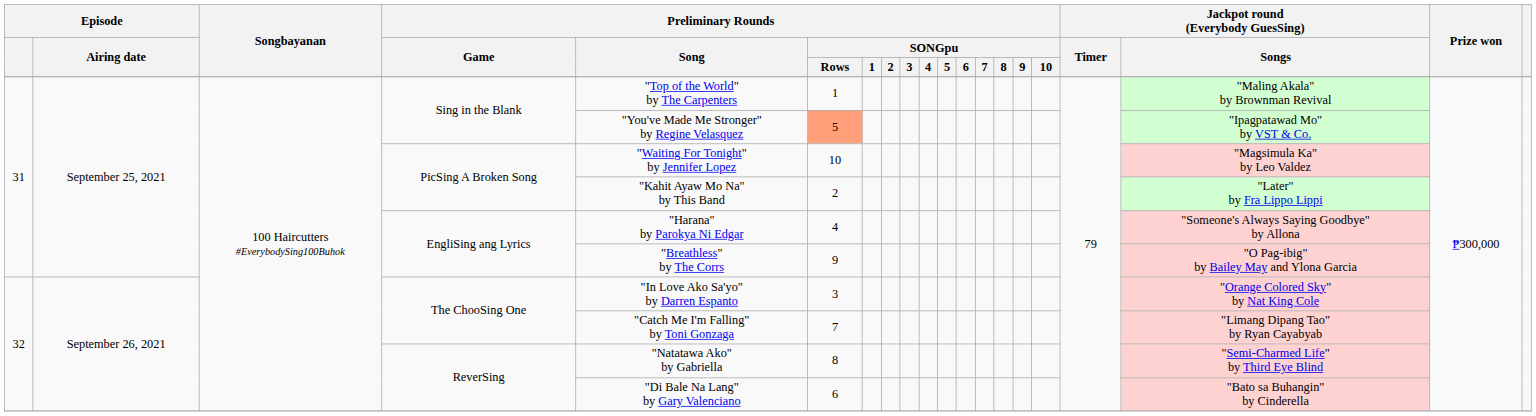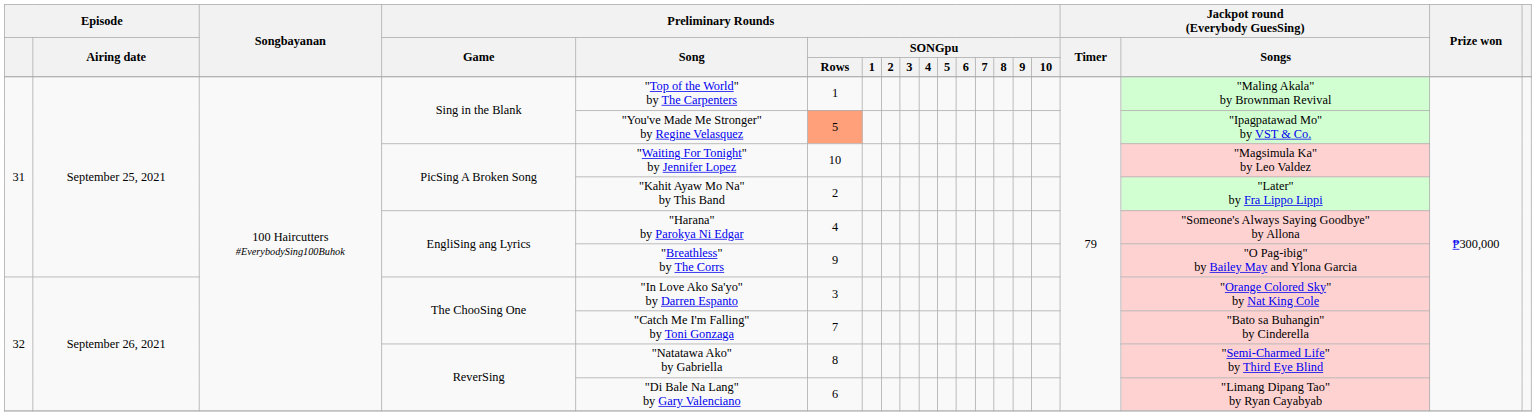 <table class="wikitable mw-collapsible mw-collapsed" style="text-align:center; width:100%">
 <tr>
 <th colspan=2>Episode</th>
 <th rowspan=3>Songbayanan</th>
 <th colspan=13>Preliminary Rounds</th>
 <th colspan=2>Jackpot round<br><strong>(Everybody GuesSing)</strong></th>
 <th rowspan=3>Prize won</th>
 <th rowspan=3></th>
 </tr>
 <tr>
 <th rowspan=2></th>
 <th rowspan=2>Airing date</th>
 <th rowspan=2>Game</th>
 <th rowspan=2>Song</th>
 <th colspan=11>SONGpu</th>
 <th rowspan=2>Timer</th>
 <th rowspan=2>Songs</th>
 </tr>
 <tr>
 <th>Rows</th>
 <th>1</th>
 <th>2</th>
 <th>3</th>
 <th>4</th>
 <th>5</th>
 <th>6</th>
 <th>7</th>
 <th>8</th>
 <th>9</th>
 <th>10</th>
 </tr>
 <tr>
 </tr>
 <tr>
 </tr>
 <tr>
 <td rowspan=6>31</td>
 <td rowspan=6>September 25, 2021</td>
 <td rowspan=10>100 Haircutters<br><small><em>#EverybodySing100Buhok</em></small></td>
 <td rowspan=2>Sing in the Blank</td>
 <td>"<a href='#'>Top of the World</a>"<br>by <a href='#'>The Carpenters</a></td>
 <td>1</td>
 <td></td>
 <td></td>
 <td></td>
 <td></td>
 <td></td>
 <td></td>
 <td></td>
 <td></td>
 <td></td>
 <td></td>
 <td rowspan=10>79 </td>
 <td bgcolor=D2FFD2>"Maling Akala" <br>by Brownman Revival</td>
 <td rowspan=10><a href='#'>₱</a>300,000</td>
 <td rowspan=10><br><br><br><br><br></td>
 </tr>
 <tr>
 <td>"You've Made Me Stronger" <br> by <a href='#'>Regine Velasquez</a></td>
 <td style="background: lightsalmon;">5</td>
 <td></td>
 <td></td>
 <td></td>
 <td></td>
 <td></td>
 <td></td>
 <td></td>
 <td></td>
 <td></td>
 <td></td>
 <td bgcolor=D2FFD2>"Ipagpatawad Mo" <br> by <a href='#'>VST & Co.</a></td>
 </tr>
 <tr>
 <td rowspan=2>PicSing A Broken Song</td>
 <td>"<a href='#'>Waiting For Tonight</a>" <br> by <a href='#'>Jennifer Lopez</a></td>
 <td>10</td>
 <td></td>
 <td></td>
 <td></td>
 <td></td>
 <td></td>
 <td></td>
 <td></td>
 <td></td>
 <td></td>
 <td></td>
 <td bgcolor=FFD2D2>"Magsimula Ka" <br> by Leo Valdez</td>
 </tr>
 <tr>
 <td>"Kahit Ayaw Mo Na"<br>by This Band</td>
 <td>2</td>
 <td></td>
 <td></td>
 <td></td>
 <td></td>
 <td></td>
 <td></td>
 <td></td>
 <td></td>
 <td></td>
 <td></td>
 <td bgcolor=D2FFD2>"Later" <br> by <a href='#'>Fra Lippo Lippi</a></td>
 </tr>
 <tr>
 <td rowspan=2>EngliSing ang Lyrics</td>
 <td>"Harana"<br>by <a href='#'>Parokya Ni Edgar</a></td>
 <td>4</td>
 <td></td>
 <td></td>
 <td></td>
 <td></td>
 <td></td>
 <td></td>
 <td></td>
 <td></td>
 <td></td>
 <td></td>
 <td bgcolor=FFD2D2>"Someone's Always Saying Goodbye" <br> by Allona</td>
 </tr>
 <tr>
 <td>"<a href='#'>Breathless</a>"<br>by <a href='#'>The Corrs</a></td>
 <td>9</td>
 <td></td>
 <td></td>
 <td></td>
 <td></td>
 <td></td>
 <td></td>
 <td></td>
 <td></td>
 <td></td>
 <td></td>
 <td bgcolor=FFD2D2>"O Pag-ibig" <br> by <a href='#'>Bailey May</a> and Ylona Garcia</td>
 </tr>
 <tr>
 <td rowspan=4>32</td>
 <td rowspan=4>September 26, 2021</td>
 <td rowspan=2>The ChooSing One</td>
 <td>"In Love Ako Sa'yo" <br>by <a href='#'>Darren Espanto</a></td>
 <td>3</td>
 <td></td>
 <td></td>
 <td></td>
 <td></td>
 <td></td>
 <td></td>
 <td></td>
 <td></td>
 <td></td>
 <td></td>
 <td bgcolor=FFD2D2>"<a href='#'>Orange Colored Sky</a>" <br>by <a href='#'>Nat King Cole</a></td>
 </tr>
 <tr>
 <td>"Catch Me I'm Falling" <br>by <a href='#'>Toni Gonzaga</a></td>
 <td>7</td>
 <td></td>
 <td></td>
 <td></td>
 <td></td>
 <td></td>
 <td></td>
 <td></td>
 <td></td>
 <td></td>
 <td></td>
-<td bgcolor=FFD2D2>"Limang Dipang Tao" <br> by Ryan Cayabyab</td>
+<td bgcolor=FFD2D2>"Bato sa Buhangin" <br> by Cinderella</td>
 </tr>
 <tr>
 <td rowspan=2>ReverSing</td>
 <td>"Natatawa Ako" <br> by Gabriella</td>
 <td>8</td>
 <td></td>
 <td></td>
 <td></td>
 <td></td>
 <td></td>
 <td></td>
 <td></td>
 <td></td>
 <td></td>
 <td></td>
 <td bgcolor=FFD2D2>"<a href='#'>Semi-Charmed Life</a>" <br> by <a href='#'>Third Eye Blind</a></td>
 </tr>
 <tr>
 <td>"Di Bale Na Lang" <br>by <a href='#'>Gary Valenciano</a></td>
 <td>6</td>
 <td></td>
 <td></td>
 <td></td>
 <td></td>
 <td></td>
 <td></td>
 <td></td>
 <td></td>
 <td></td>
 <td></td>
-<td bgcolor=FFD2D2>"Bato sa Buhangin" <br> by Cinderella</td>
+<td bgcolor=FFD2D2>"Limang Dipang Tao" <br> by Ryan Cayabyab</td>
 </tr>
 <tr>
 </tr>
 </table>
